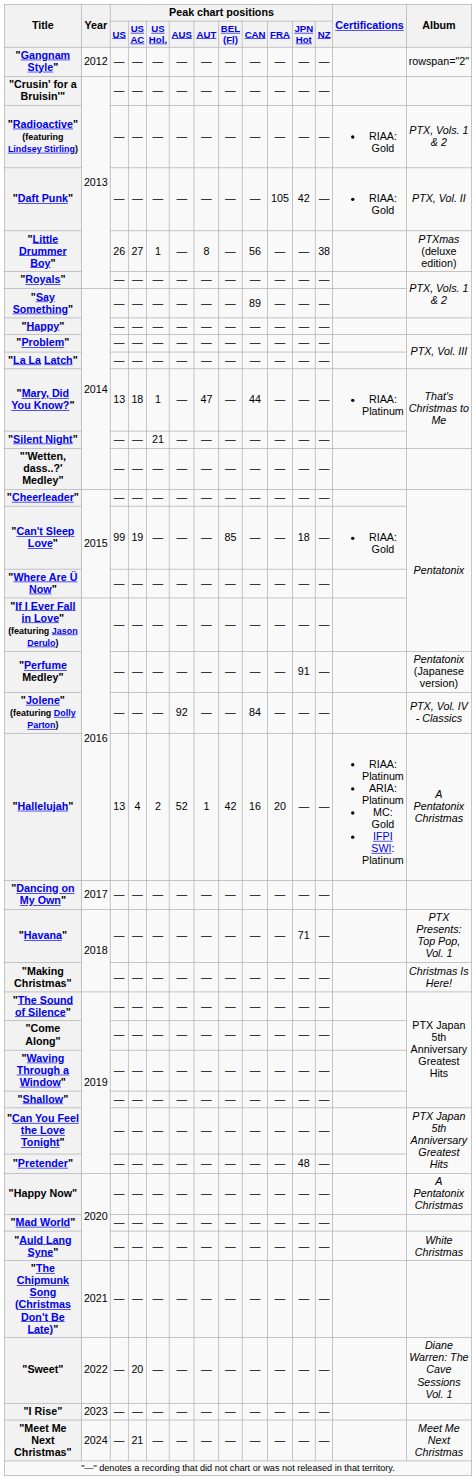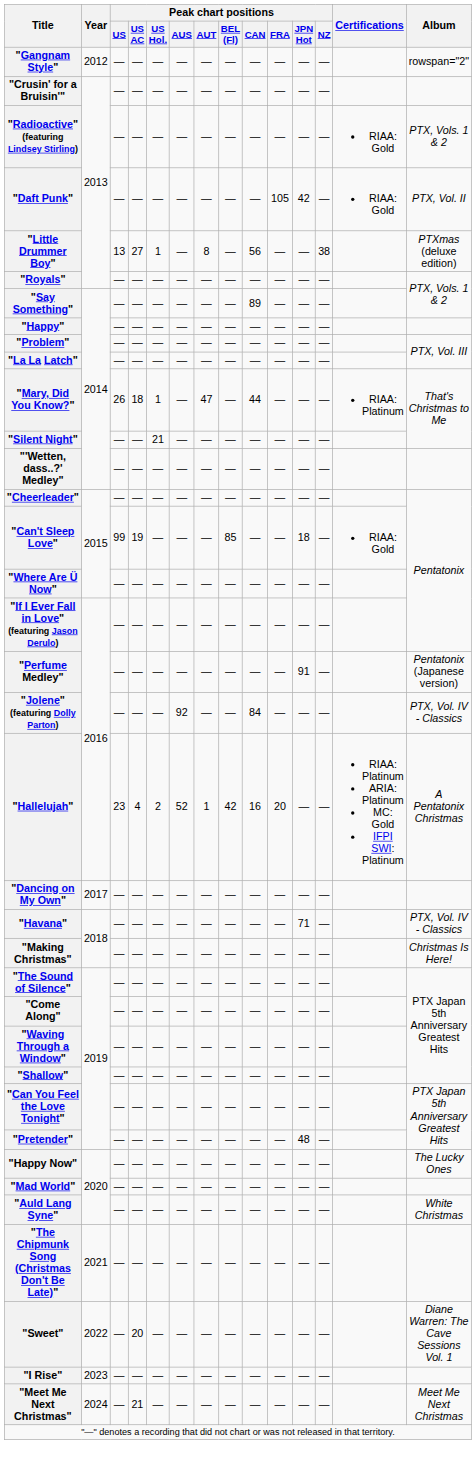 <table class="wikitable plainrowheaders" style="text-align:center;">
 <tr>
 <th scope="col" rowspan="2" style="width:14em;">Title</th>
 <th scope="col" rowspan="2" style="width:1em;">Year</th>
 <th scope="col" colspan="10">Peak chart positions</th>
 <th scope="col" rowspan="2" style="width:13em;"><a href='#'>Certifications</a></th>
 <th scope="col" rowspan="2" style="width:16em;">Album</th>
 </tr>
 <tr>
 <th scope="col" style="width:3em;font-size:90%;"><a href='#'>US</a><br></th>
 <th scope="col" style="width:3em;font-size:90%;"><a href='#'>US<br>AC</a><br></th>
 <th scope="col" style="width:3em;font-size:90%;"><a href='#'>US<br>Hol.</a><br></th>
 <th scope="col" style="width:3em;font-size:90%;"><a href='#'>AUS</a><br></th>
 <th scope="col" style="width:3em;font-size:90%;"><a href='#'>AUT</a><br></th>
 <th scope="col" style="width:3em;font-size:90%;"><a href='#'>BEL<br>(Fl)</a><br></th>
 <th scope="col" style="width:3em;font-size:90%;"><a href='#'>CAN</a><br></th>
 <th scope="col" style="width:3em;font-size:90%;"><a href='#'>FRA</a><br></th>
 <th scope="col" style="width:3em;font-size:90%;"><a href='#'>JPN<br>Hot</a><br></th>
 <th scope="col" style="width:3em;font-size:90%;"><a href='#'>NZ</a><br></th>
 </tr>
 <tr>
 <th scope="row">"<a href='#'>Gangnam Style</a>" </th>
 <td>2012</td>
 <td>—</td>
 <td>—</td>
 <td>—</td>
 <td>—</td>
 <td>—</td>
 <td>—</td>
 <td>—</td>
 <td>—</td>
 <td>—</td>
 <td>—</td>
 <td></td>
 <td>rowspan="2" </td>
 </tr>
 <tr>
 <th scope="row">"Crusin' for a Bruisin'"<br></th>
 <td rowspan="5">2013</td>
 <td>—</td>
 <td>—</td>
 <td>—</td>
 <td>—</td>
 <td>—</td>
 <td>—</td>
 <td>—</td>
 <td>—</td>
 <td>—</td>
 <td>—</td>
 <td></td>
 </tr>
 <tr>
 <th scope="row">"<a href='#'>Radioactive</a>"<br><small>(featuring <a href='#'>Lindsey Stirling</a>)</small></th>
 <td>—</td>
 <td>—</td>
 <td>—</td>
 <td>—</td>
 <td>—</td>
 <td>—</td>
 <td>—</td>
 <td>—</td>
 <td>—</td>
 <td>—</td>
 <td><br><ul><li>RIAA: Gold</li></ul></td>
 <td><em>PTX, Vols. 1 & 2</em></td>
 </tr>
 <tr>
 <th scope="row">"<a href='#'>Daft Punk</a>"</th>
 <td>—</td>
 <td>—</td>
 <td>—</td>
 <td>—</td>
 <td>—</td>
 <td>—</td>
 <td>—</td>
 <td>105</td>
 <td>42</td>
 <td>—</td>
 <td><br><ul><li>RIAA: Gold</li></ul></td>
 <td><em>PTX, Vol. II</em></td>
 </tr>
 <tr>
 <th scope="row">"<a href='#'>Little Drummer Boy</a>"</th>
-<td>26</td>
+<td>13</td>
 <td>27</td>
 <td>1</td>
 <td>—</td>
 <td>8</td>
 <td>—</td>
 <td>56</td>
 <td>—</td>
 <td>—</td>
 <td>38</td>
 <td></td>
 <td><em>PTXmas</em> (deluxe edition)</td>
 </tr>
 <tr>
 <th scope="row">"<a href='#'>Royals</a>"</th>
 <td>—</td>
 <td>—</td>
 <td>—</td>
 <td>—</td>
 <td>—</td>
 <td>—</td>
 <td>—</td>
 <td>—</td>
 <td>—</td>
 <td>—</td>
 <td></td>
 <td rowspan="2"><em>PTX, Vols. 1 & 2</em></td>
 </tr>
 <tr>
 <th scope="row">"<a href='#'>Say Something</a>"</th>
 <td rowspan="7">2014</td>
 <td>—</td>
 <td>—</td>
 <td>—</td>
 <td>—</td>
 <td>—</td>
 <td>—</td>
 <td>89</td>
 <td>—</td>
 <td>—</td>
 <td>—</td>
 <td></td>
 </tr>
 <tr>
 <th scope="row">"<a href='#'>Happy</a>"</th>
 <td>—</td>
 <td>—</td>
 <td>—</td>
 <td>—</td>
 <td>—</td>
 <td>—</td>
 <td>—</td>
 <td>—</td>
 <td>—</td>
 <td>—</td>
 <td></td>
 <td></td>
 </tr>
 <tr>
 <th scope="row">"<a href='#'>Problem</a>"</th>
 <td>—</td>
 <td>—</td>
 <td>—</td>
 <td>—</td>
 <td>—</td>
 <td>—</td>
 <td>—</td>
 <td>—</td>
 <td>—</td>
 <td>—</td>
 <td></td>
 <td rowspan="2"><em>PTX, Vol. III</em></td>
 </tr>
 <tr>
 <th scope="row">"<a href='#'>La La</a> <a href='#'>Latch</a>"</th>
 <td>—</td>
 <td>—</td>
 <td>—</td>
 <td>—</td>
 <td>—</td>
 <td>—</td>
 <td>—</td>
 <td>—</td>
 <td>—</td>
 <td>—</td>
 <td></td>
 </tr>
 <tr>
 <th scope="row">"<a href='#'>Mary, Did You Know?</a>"</th>
-<td>13</td>
+<td>26</td>
 <td>18</td>
 <td>1</td>
 <td>—</td>
 <td>47</td>
 <td>—</td>
 <td>44</td>
 <td>—</td>
 <td>—</td>
 <td>—</td>
 <td><br><ul><li>RIAA: Platinum</li></ul></td>
 <td rowspan="2"><em>That's Christmas to Me</em></td>
 </tr>
 <tr>
 <th scope="row">"<a href='#'>Silent Night</a>"</th>
 <td>—</td>
 <td>—</td>
 <td>21</td>
 <td>—</td>
 <td>—</td>
 <td>—</td>
 <td>—</td>
 <td>—</td>
 <td>—</td>
 <td>—</td>
 <td></td>
 </tr>
 <tr>
 <th scope="row">"'Wetten, dass..?' Medley"</th>
 <td>—</td>
 <td>—</td>
 <td>—</td>
 <td>—</td>
 <td>—</td>
 <td>—</td>
 <td>—</td>
 <td>—</td>
 <td>—</td>
 <td>—</td>
 <td></td>
 <td></td>
 </tr>
 <tr>
 <th scope="row">"<a href='#'>Cheerleader</a>"</th>
 <td rowspan="3">2015</td>
 <td>—</td>
 <td>—</td>
 <td>—</td>
 <td>—</td>
 <td>—</td>
 <td>—</td>
 <td>—</td>
 <td>—</td>
 <td>—</td>
 <td>—</td>
 <td></td>
 <td rowspan="4"><em>Pentatonix</em></td>
 </tr>
 <tr>
 <th scope="row">"<a href='#'>Can't Sleep Love</a>"</th>
 <td>99</td>
 <td>19</td>
 <td>—</td>
 <td>—</td>
 <td>—</td>
 <td>85</td>
 <td>—</td>
 <td>—</td>
 <td>18</td>
 <td>—</td>
 <td><br><ul><li>RIAA: Gold</li></ul></td>
 </tr>
 <tr>
 <th scope="row">"<a href='#'>Where Are Ü Now</a>"</th>
 <td>—</td>
 <td>—</td>
 <td>—</td>
 <td>—</td>
 <td>—</td>
 <td>—</td>
 <td>—</td>
 <td>—</td>
 <td>—</td>
 <td>—</td>
 <td></td>
 </tr>
 <tr>
 <th scope="row">"<a href='#'>If I Ever Fall in Love</a>"<br><small>(featuring <a href='#'>Jason Derulo</a>)</small></th>
 <td rowspan="4">2016</td>
 <td>—</td>
 <td>—</td>
 <td>—</td>
 <td>—</td>
 <td>—</td>
 <td>—</td>
 <td>—</td>
 <td>—</td>
 <td>—</td>
 <td>—</td>
 <td></td>
 </tr>
 <tr>
 <th scope="row">"<a href='#'>Perfume</a> Medley"</th>
 <td>—</td>
 <td>—</td>
 <td>—</td>
 <td>—</td>
 <td>—</td>
 <td>—</td>
 <td>—</td>
 <td>—</td>
 <td>91</td>
 <td>—</td>
 <td></td>
 <td><em>Pentatonix</em> (Japanese version)</td>
 </tr>
 <tr>
 <th scope="row">"<a href='#'>Jolene</a>"<br><small>(featuring <a href='#'>Dolly Parton</a>)</small></th>
 <td>—</td>
 <td>—</td>
 <td>—</td>
 <td>92</td>
 <td>—</td>
 <td>—</td>
 <td>84</td>
 <td>—</td>
 <td>—</td>
 <td>—</td>
 <td></td>
 <td><em>PTX, Vol. IV - Classics</em></td>
 </tr>
 <tr>
 <th scope="row">"<a href='#'>Hallelujah</a>"</th>
-<td>13</td>
+<td>23</td>
 <td>4</td>
 <td>2</td>
 <td>52</td>
 <td>1</td>
 <td>42</td>
 <td>16</td>
 <td>20</td>
 <td>—</td>
 <td>—</td>
 <td><br><ul><li>RIAA: Platinum</li><li>ARIA: Platinum</li><li>MC: Gold</li><li><a href='#'>IFPI SWI</a>: Platinum</li></ul></td>
 <td><em>A Pentatonix Christmas</em></td>
 </tr>
 <tr>
 <th scope="row">"<a href='#'>Dancing on My Own</a>"</th>
 <td>2017</td>
 <td>—</td>
 <td>—</td>
 <td>—</td>
 <td>—</td>
 <td>—</td>
 <td>—</td>
 <td>—</td>
 <td>—</td>
 <td>—</td>
 <td>—</td>
 <td></td>
 <td></td>
 </tr>
 <tr>
 <th scope="row">"<a href='#'>Havana</a>"</th>
 <td rowspan="2">2018</td>
 <td>—</td>
 <td>—</td>
 <td>—</td>
 <td>—</td>
 <td>—</td>
 <td>—</td>
 <td>—</td>
 <td>—</td>
 <td>71</td>
 <td>—</td>
 <td></td>
-<td><em>PTX Presents: Top Pop, Vol. 1</em></td>
+<td><em>PTX, Vol. IV - Classics</em></td>
 </tr>
 <tr>
 <th scope="row">"Making Christmas"</th>
 <td>—</td>
 <td>—</td>
 <td>—</td>
 <td>—</td>
 <td>—</td>
 <td>—</td>
 <td>—</td>
 <td>—</td>
 <td>—</td>
 <td>—</td>
 <td></td>
 <td><em>Christmas Is Here!</em></td>
 </tr>
 <tr>
 <th scope="row">"<a href='#'>The Sound of Silence</a>"</th>
 <td rowspan="6">2019</td>
 <td>—</td>
 <td>—</td>
 <td>—</td>
 <td>—</td>
 <td>—</td>
 <td>—</td>
 <td>—</td>
 <td>—</td>
 <td>—</td>
 <td>—</td>
 <td></td>
 <td rowspan="4">PTX Japan 5th Anniversary Greatest Hits</td>
 </tr>
 <tr>
 <th scope="row">"Come Along"</th>
 <td>—</td>
 <td>—</td>
 <td>—</td>
 <td>—</td>
 <td>—</td>
 <td>—</td>
 <td>—</td>
 <td>—</td>
 <td>—</td>
 <td>—</td>
 <td></td>
 </tr>
 <tr>
 <th scope="row">"<a href='#'>Waving Through a Window</a>"</th>
 <td>—</td>
 <td>—</td>
 <td>—</td>
 <td>—</td>
 <td>—</td>
 <td>—</td>
 <td>—</td>
 <td>—</td>
 <td>—</td>
 <td>—</td>
 <td></td>
 </tr>
 <tr>
 <th scope="row">"<a href='#'>Shallow</a>"</th>
 <td>—</td>
 <td>—</td>
 <td>—</td>
 <td>—</td>
 <td>—</td>
 <td>—</td>
 <td>—</td>
 <td>—</td>
 <td>—</td>
 <td>—</td>
 <td></td>
 </tr>
 <tr>
 <th scope="row">"<a href='#'>Can You Feel the Love Tonight</a>"</th>
 <td>—</td>
 <td>—</td>
 <td>—</td>
 <td>—</td>
 <td>—</td>
 <td>—</td>
 <td>—</td>
 <td>—</td>
 <td>—</td>
 <td>—</td>
 <td></td>
 <td rowspan="2"><em>PTX Japan 5th Anniversary Greatest Hits</em></td>
 </tr>
 <tr>
 <th scope="row">"<a href='#'>Pretender</a>"</th>
 <td>—</td>
 <td>—</td>
 <td>—</td>
 <td>—</td>
 <td>—</td>
 <td>—</td>
 <td>—</td>
 <td>—</td>
 <td>48</td>
 <td>—</td>
 <td></td>
 </tr>
 <tr>
 <th scope="row">"Happy Now"</th>
 <td rowspan="3">2020</td>
 <td>—</td>
 <td>—</td>
 <td>—</td>
 <td>—</td>
 <td>—</td>
 <td>—</td>
 <td>—</td>
 <td>—</td>
 <td>—</td>
 <td>—</td>
 <td></td>
-<td><em>A Pentatonix Christmas</em></td>
+<td><em>The Lucky Ones</em></td>
 </tr>
 <tr>
 <th scope="row">"<a href='#'>Mad World</a>"</th>
 <td>—</td>
 <td>—</td>
 <td>—</td>
 <td>—</td>
 <td>—</td>
 <td>—</td>
 <td>—</td>
 <td>—</td>
 <td>—</td>
 <td>—</td>
 <td></td>
 <td></td>
 </tr>
 <tr>
 <th scope="row">"<a href='#'>Auld Lang Syne</a>"</th>
 <td>—</td>
 <td>—</td>
 <td>—</td>
 <td>—</td>
 <td>—</td>
 <td>—</td>
 <td>—</td>
 <td>—</td>
 <td>—</td>
 <td>—</td>
 <td></td>
 <td><em>White Christmas</em></td>
 </tr>
 <tr>
 <th scope="row">"<a href='#'>The Chipmunk Song (Christmas Don't Be Late)</a>"<br></th>
 <td>2021</td>
 <td>—</td>
 <td>—</td>
 <td>—</td>
 <td>—</td>
 <td>—</td>
 <td>—</td>
 <td>—</td>
 <td>—</td>
 <td>—</td>
 <td>—</td>
 <td></td>
 <td></td>
 </tr>
 <tr>
 <th scope="row">"Sweet" <br> </th>
 <td>2022</td>
 <td>—</td>
 <td>20</td>
 <td>—</td>
 <td>—</td>
 <td>—</td>
 <td>—</td>
 <td>—</td>
 <td>—</td>
 <td>—</td>
 <td>—</td>
 <td></td>
 <td><em>Diane Warren: The Cave Sessions Vol. 1</em></td>
 </tr>
 <tr>
 <th scope="row">"I Rise"</th>
 <td>2023</td>
 <td>—</td>
 <td>—</td>
 <td>—</td>
 <td>—</td>
 <td>—</td>
 <td>—</td>
 <td>—</td>
 <td>—</td>
 <td>—</td>
 <td>—</td>
 <td></td>
 <td></td>
 </tr>
 <tr>
 <th scope="row">"Meet Me Next Christmas"</th>
 <td>2024</td>
 <td>—</td>
 <td>21</td>
 <td>—</td>
 <td>—</td>
 <td>—</td>
 <td>—</td>
 <td>—</td>
 <td>—</td>
 <td>—</td>
 <td>—</td>
 <td></td>
 <td><em>Meet Me Next Christmas</em></td>
 </tr>
 <tr>
 <td colspan="14" style="font-size:85%">"—" denotes a recording that did not chart or was not released in that territory.</td>
 </tr>
 </table>
